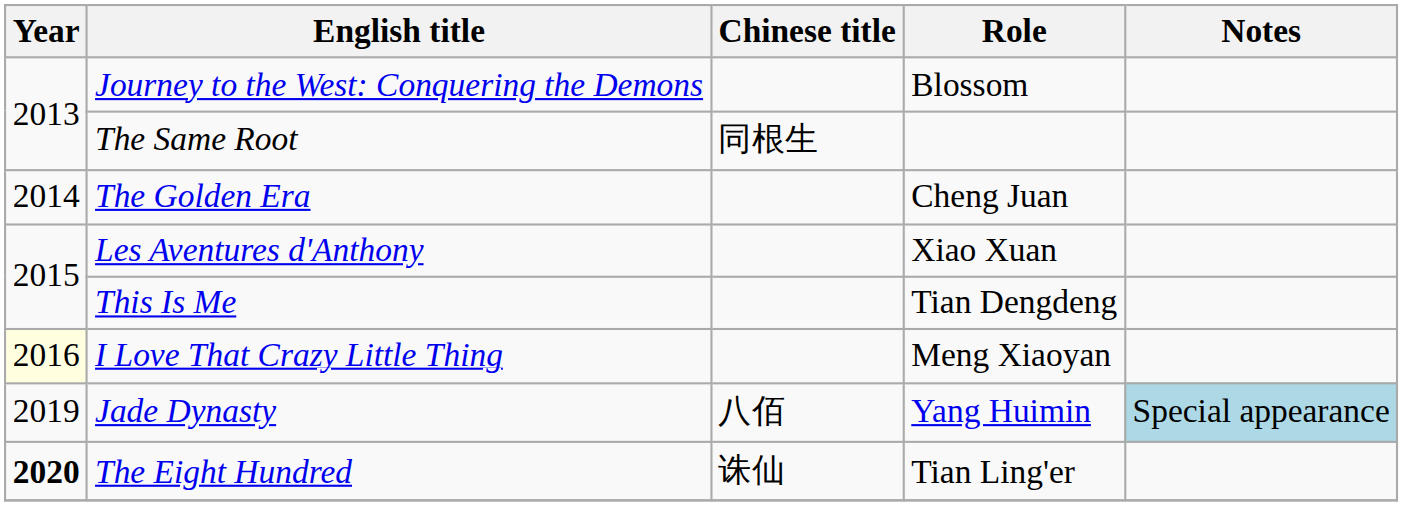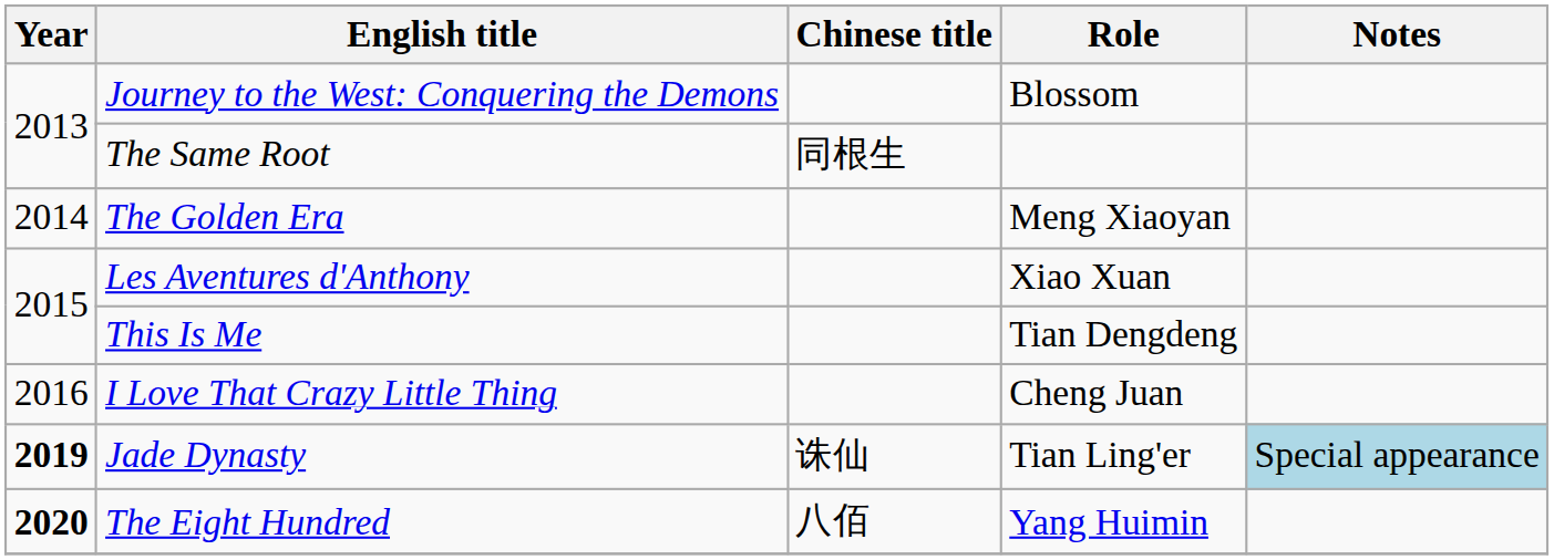 <table class="wikitable">
 <tr>
 <th>Year</th>
 <th>English title</th>
 <th>Chinese title</th>
 <th>Role</th>
 <th>Notes</th>
 </tr>
 <tr>
 <td rowspan=2>2013</td>
 <td><em><a href='#'>Journey to the West: Conquering the Demons</a></em></td>
 <td></td>
 <td>Blossom</td>
 <td></td>
 </tr>
 <tr>
 <td><em>The Same Root</em></td>
 <td>同根生</td>
 <td></td>
 <td></td>
 </tr>
 <tr>
 <td>2014</td>
 <td><em><a href='#'>The Golden Era</a></em></td>
 <td></td>
-<td>Cheng Juan</td>
+<td>Meng Xiaoyan</td>
 <td></td>
 </tr>
 <tr>
 <td rowspan=2>2015</td>
 <td><em><a href='#'>Les Aventures d'Anthony</a></em></td>
 <td></td>
 <td>Xiao Xuan</td>
 <td></td>
 </tr>
 <tr>
 <td><em><a href='#'>This Is Me</a></em></td>
 <td></td>
 <td>Tian Dengdeng</td>
 <td></td>
 </tr>
 <tr>
-<td style="background: lightyellow;">2016</td>
+<td>2016</td>
 <td><em><a href='#'>I Love That Crazy Little Thing</a></em></td>
 <td></td>
-<td>Meng Xiaoyan</td>
+<td>Cheng Juan</td>
 <td></td>
 </tr>
 <tr>
-<td>2019</td>
+<td><strong>2019</strong></td>
 <td><em><a href='#'>Jade Dynasty</a></em></td>
-<td>八佰</td>
-<td><a href='#'>Yang Huimin</a></td>
+<td>诛仙</td>
+<td>Tian Ling'er</td>
 <td style="background: lightblue;">Special appearance</td>
 </tr>
 <tr>
 <td><strong>2020</strong></td>
 <td><em><a href='#'>The Eight Hundred</a></em></td>
-<td>诛仙</td>
-<td>Tian Ling'er</td>
+<td>八佰</td>
+<td><a href='#'>Yang Huimin</a></td>
 <td></td>
 </tr>
 <tr>
 </tr>
 </table>
